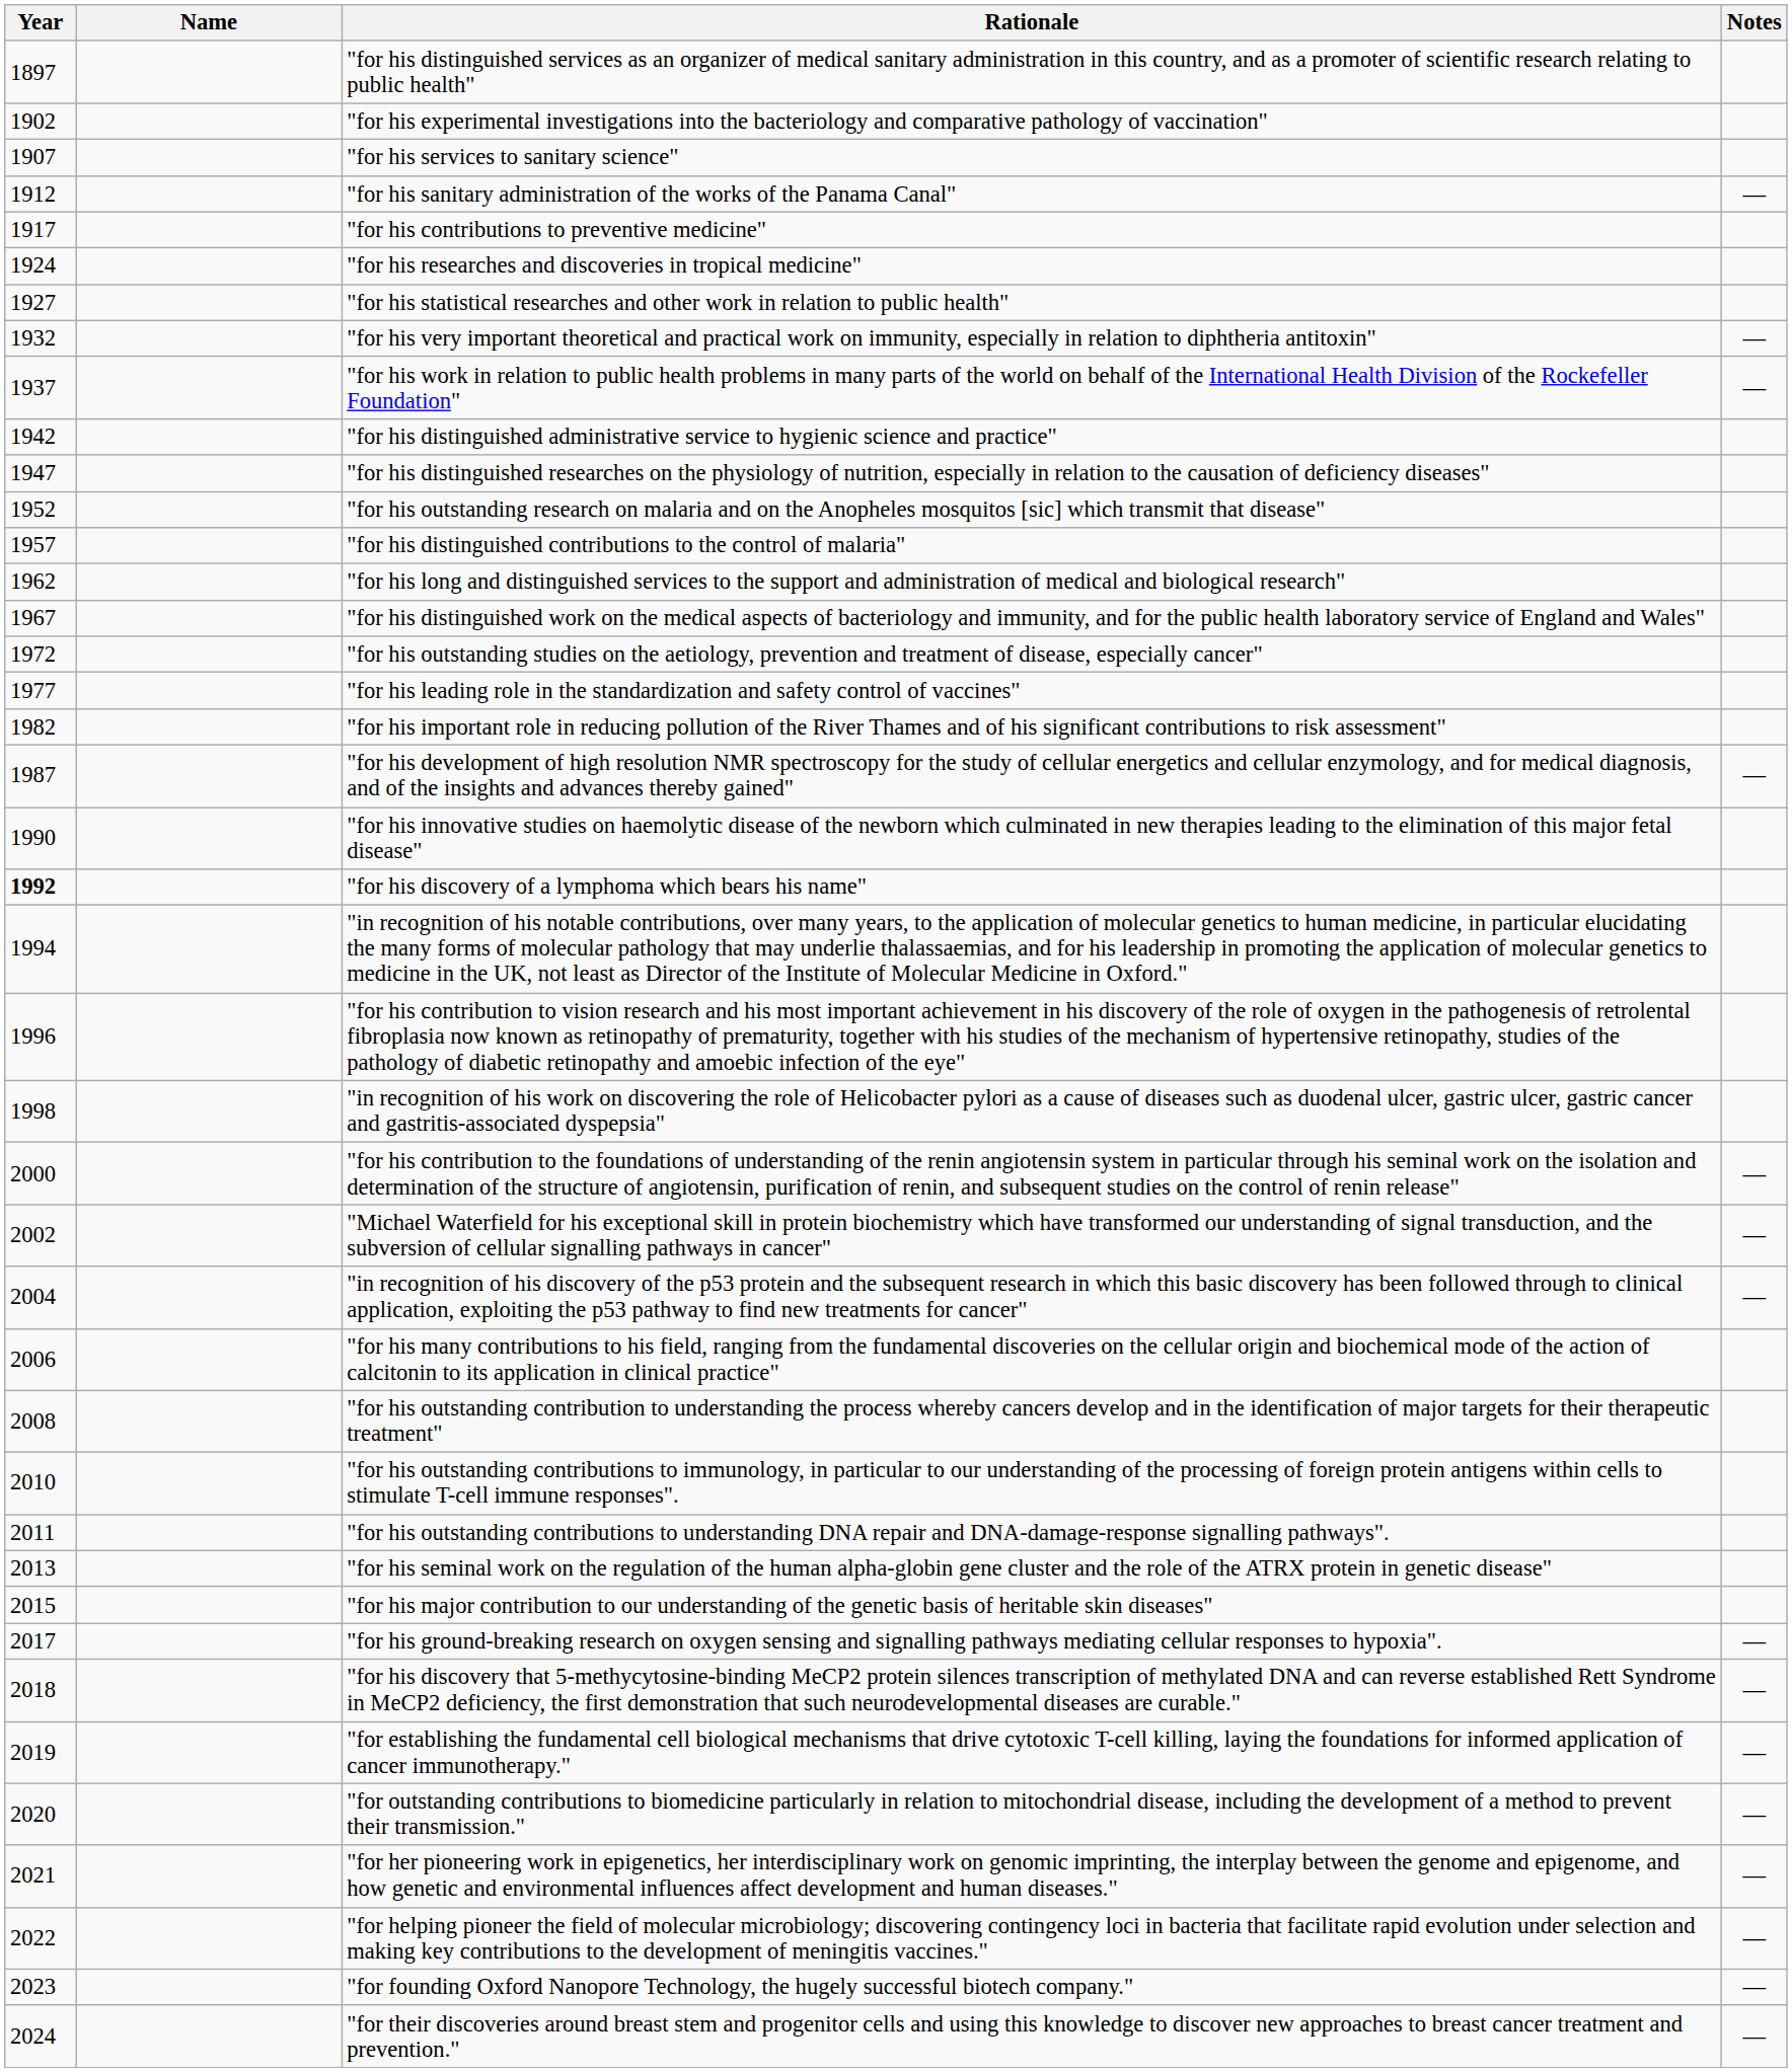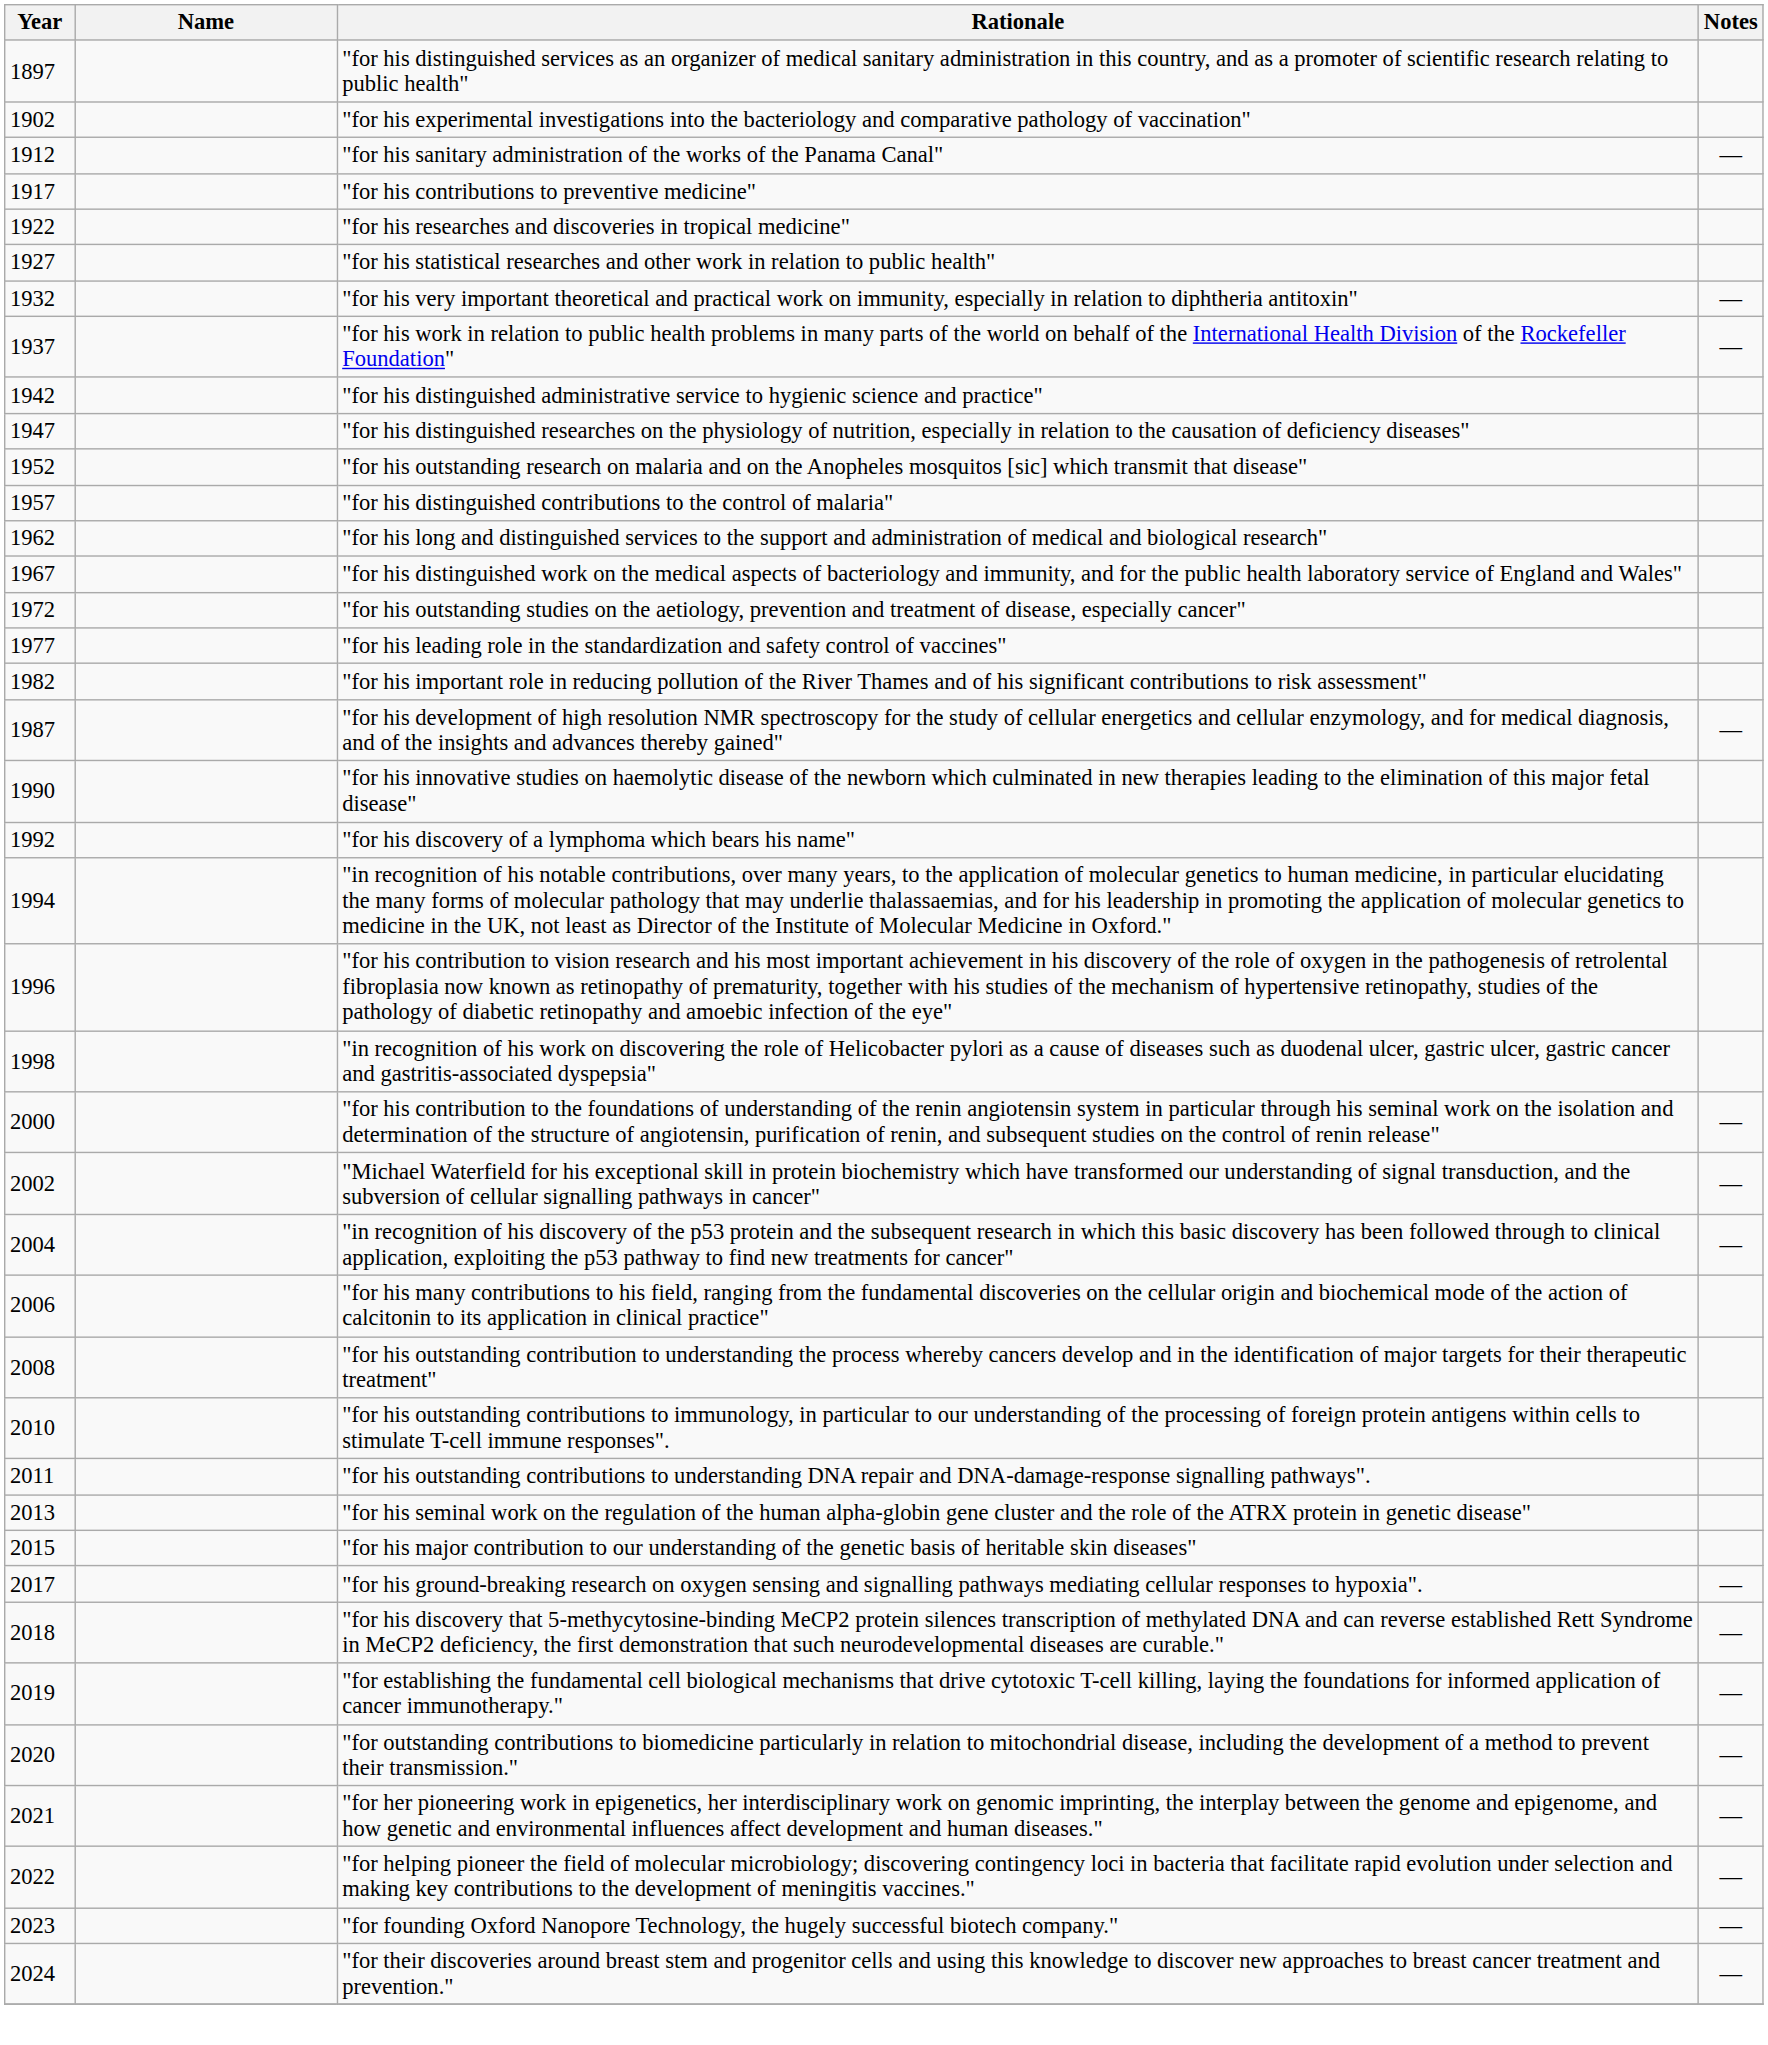 <table class="wikitable sortable" border="1" style="align:left;">
 <tr>
 <th width="4%">Year</th>
 <th width="15%">Name</th>
 <th width="78%" class="unsortable">Rationale</th>
 <th width="5%" class="unsortable">Notes</th>
 </tr>
 <tr>
 <td>1897</td>
 <td></td>
 <td>"for his distinguished services as an organizer of medical sanitary administration in this country, and as a promoter of scientific research relating to public health"</td>
 <td align=center></td>
 </tr>
 <tr>
 <td>1902</td>
 <td></td>
 <td>"for his experimental investigations into the bacteriology and comparative pathology of vaccination"</td>
 <td align=center></td>
 </tr>
 <tr>
-<td>1907</td>
-<td></td>
-<td>"for his services to sanitary science"</td>
-<td align=center></td>
-</tr>
-<tr>
 <td>1912</td>
 <td></td>
 <td>"for his sanitary administration of the works of the Panama Canal"</td>
 <td align=center>—</td>
 </tr>
 <tr>
 <td>1917</td>
 <td></td>
 <td>"for his contributions to preventive medicine"</td>
 <td align=center></td>
 </tr>
 <tr>
-<td>1924</td>
+<td>1922</td>
 <td></td>
 <td>"for his researches and discoveries in tropical medicine"</td>
 <td align=center></td>
 </tr>
 <tr>
 <td>1927</td>
 <td></td>
 <td>"for his statistical researches and other work in relation to public health"</td>
 <td align=center></td>
 </tr>
 <tr>
 <td>1932</td>
 <td></td>
 <td>"for his very important theoretical and practical work on immunity, especially in relation to diphtheria antitoxin"</td>
 <td align=center>—</td>
 </tr>
 <tr>
 <td>1937</td>
 <td></td>
 <td>"for his work in relation to public health problems in many parts of the world on behalf of the <a href='#'>International Health Division</a> of the <a href='#'>Rockefeller Foundation</a>"</td>
 <td align=center>—</td>
 </tr>
 <tr>
 <td>1942</td>
 <td></td>
 <td>"for his distinguished administrative service to hygienic science and practice"</td>
 <td align=center></td>
 </tr>
 <tr>
 <td>1947</td>
 <td></td>
 <td>"for his distinguished researches on the physiology of nutrition, especially in relation to the causation of deficiency diseases"</td>
 <td align=center></td>
 </tr>
 <tr>
 <td>1952</td>
 <td></td>
 <td>"for his outstanding research on malaria and on the Anopheles mosquitos [sic] which transmit that disease"</td>
 <td align=center></td>
 </tr>
 <tr>
 <td>1957</td>
 <td></td>
 <td>"for his distinguished contributions to the control of malaria"</td>
 <td align=center></td>
 </tr>
 <tr>
 <td>1962</td>
 <td></td>
 <td>"for his long and distinguished services to the support and administration of medical and biological research"</td>
 <td align=center></td>
 </tr>
 <tr>
 <td>1967</td>
 <td></td>
 <td>"for his distinguished work on the medical aspects of bacteriology and immunity, and for the public health laboratory service of England and Wales"</td>
 <td align=center></td>
 </tr>
 <tr>
 <td>1972</td>
 <td></td>
 <td>"for his outstanding studies on the aetiology, prevention and treatment of disease, especially cancer"</td>
 <td align=center></td>
 </tr>
 <tr>
 <td>1977</td>
 <td></td>
 <td>"for his leading role in the standardization and safety control of vaccines"</td>
 <td align=center></td>
 </tr>
 <tr>
 <td>1982</td>
 <td></td>
 <td>"for his important role in reducing pollution of the River Thames and of his significant contributions to risk assessment"</td>
 <td align=center></td>
 </tr>
 <tr>
 <td>1987</td>
 <td></td>
 <td>"for his development of high resolution NMR spectroscopy for the study of cellular energetics and cellular enzymology, and for medical diagnosis, and of the insights and advances thereby gained"</td>
 <td align=center>—</td>
 </tr>
 <tr>
 <td>1990</td>
 <td></td>
 <td>"for his innovative studies on haemolytic disease of the newborn which culminated in new therapies leading to the elimination of this major fetal disease"</td>
 <td align=center></td>
 </tr>
 <tr>
-<td><strong>1992</strong></td>
+<td>1992</td>
 <td></td>
 <td>"for his discovery of a lymphoma which bears his name"</td>
 <td align=center></td>
 </tr>
 <tr>
 <td>1994</td>
 <td></td>
 <td>"in recognition of his notable contributions, over many years, to the application of molecular genetics to human medicine, in particular elucidating the many forms of molecular pathology that may underlie thalassaemias, and for his leadership in promoting the application of molecular genetics to medicine in the UK, not least as Director of the Institute of Molecular Medicine in Oxford."</td>
 <td align=center></td>
 </tr>
 <tr>
 <td>1996</td>
 <td></td>
 <td>"for his contribution to vision research and his most important achievement in his discovery of the role of oxygen in the pathogenesis of retrolental fibroplasia now known as retinopathy of prematurity, together with his studies of the mechanism of hypertensive retinopathy, studies of the pathology of diabetic retinopathy and amoebic infection of the eye"</td>
 <td align=center></td>
 </tr>
 <tr>
 <td>1998</td>
 <td></td>
 <td>"in recognition of his work on discovering the role of Helicobacter pylori as a cause of diseases such as duodenal ulcer, gastric ulcer, gastric cancer and gastritis-associated dyspepsia"</td>
 <td align=center></td>
 </tr>
 <tr>
 <td>2000</td>
 <td></td>
 <td>"for his contribution to the foundations of understanding of the renin angiotensin system in particular through his seminal work on the isolation and determination of the structure of angiotensin, purification of renin, and subsequent studies on the control of renin release"</td>
 <td align=center>—</td>
 </tr>
 <tr>
 <td>2002</td>
 <td></td>
 <td>"Michael Waterfield for his exceptional skill in protein biochemistry which have transformed our understanding of signal transduction, and the subversion of cellular signalling pathways in cancer"</td>
 <td align=center>—</td>
 </tr>
 <tr>
 <td>2004</td>
 <td></td>
 <td>"in recognition of his discovery of the p53 protein and the subsequent research in which this basic discovery has been followed through to clinical application, exploiting the p53 pathway to find new treatments for cancer"</td>
 <td align=center>—</td>
 </tr>
 <tr>
 <td>2006</td>
 <td></td>
 <td>"for his many contributions to his field, ranging from the fundamental discoveries on the cellular origin and biochemical mode of the action of calcitonin to its application in clinical practice"</td>
 <td align=center></td>
 </tr>
 <tr>
 <td>2008</td>
 <td></td>
 <td>"for his outstanding contribution to understanding the process whereby cancers develop and in the identification of major targets for their therapeutic treatment"</td>
 <td align=center></td>
 </tr>
 <tr>
 <td>2010</td>
 <td></td>
 <td>"for his outstanding contributions to immunology, in particular to our understanding of the processing of foreign protein antigens within cells to stimulate T-cell immune responses".</td>
 <td align=center></td>
 </tr>
 <tr>
 <td>2011</td>
 <td></td>
 <td>"for his outstanding contributions to understanding DNA repair and DNA-damage-response signalling pathways".</td>
 <td align=center></td>
 </tr>
 <tr>
 <td>2013</td>
 <td></td>
 <td>"for his seminal work on the regulation of the human alpha-globin gene cluster and the role of the ATRX protein in genetic disease"</td>
 <td align=center></td>
 </tr>
 <tr>
 <td>2015</td>
 <td></td>
 <td>"for his major contribution to our understanding of the genetic basis of heritable skin diseases"</td>
 <td align=center></td>
 </tr>
 <tr>
 <td>2017</td>
 <td></td>
 <td>"for his ground-breaking research on oxygen sensing and signalling pathways mediating cellular responses to hypoxia".</td>
 <td align=center>—</td>
 </tr>
 <tr>
 <td>2018</td>
 <td></td>
 <td>"for his discovery that 5-methycytosine-binding MeCP2 protein silences transcription of methylated DNA and can reverse established Rett Syndrome in MeCP2 deficiency, the first demonstration that such neurodevelopmental diseases are curable."</td>
 <td align=center>—</td>
 </tr>
 <tr>
 <td>2019</td>
 <td></td>
 <td>"for establishing the fundamental cell biological mechanisms that drive cytotoxic T-cell killing, laying the foundations for informed application of cancer immunotherapy."</td>
 <td align=center>—</td>
 </tr>
 <tr>
 <td>2020</td>
 <td></td>
 <td>"for outstanding contributions to biomedicine particularly in relation to mitochondrial disease, including the development of a method to prevent their transmission."</td>
 <td align=center>—</td>
 </tr>
 <tr>
 <td>2021</td>
 <td></td>
 <td>"for her pioneering work in epigenetics, her interdisciplinary work on genomic imprinting, the interplay between the genome and epigenome, and how genetic and environmental influences affect development and human diseases."</td>
 <td align=center>—</td>
 </tr>
 <tr>
 <td>2022</td>
 <td></td>
 <td>"for helping pioneer the field of molecular microbiology; discovering contingency loci in bacteria that facilitate rapid evolution under selection and making key contributions to the development of meningitis vaccines."</td>
 <td align=center>—</td>
 </tr>
 <tr>
 <td>2023</td>
 <td></td>
 <td>"for founding Oxford Nanopore Technology, the hugely successful biotech company."</td>
 <td align=center>—</td>
 </tr>
 <tr>
 <td>2024</td>
 <td><br></td>
 <td>"for their discoveries around breast stem and progenitor cells and using this knowledge to discover new approaches to breast cancer treatment and prevention."</td>
 <td align=center>—</td>
 </tr>
 <tr>
 </tr>
 </table>
